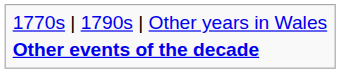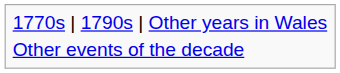 <table class="infobox" id="toc">
 <tr>
 <td align="left"><a href='#'>1770s</a> | <a href='#'>1790s</a> | <a href='#'>Other years in Wales</a></td>
 </tr>
 <tr>
-<td><strong><a href='#'>Other events of the decade</a></strong></td>
+<td><a href='#'>Other events of the decade</a></td>
 </tr>
 </table>
